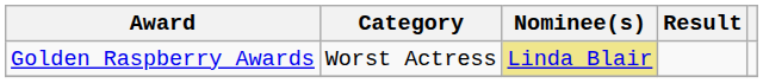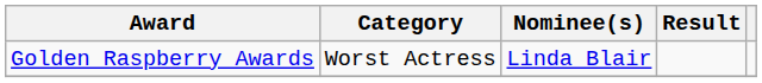 <table class="wikitable plainrowheaders">
 <tr>
 <th>Award</th>
 <th>Category</th>
 <th>Nominee(s)</th>
 <th>Result</th>
 <th></th>
 </tr>
 <tr>
 <td><a href='#'>Golden Raspberry Awards</a></td>
 <td>Worst Actress</td>
-<td style="background: khaki;"><a href='#'>Linda Blair</a></td>
+<td><a href='#'>Linda Blair</a></td>
 <td></td>
 <td style="text-align:center;"></td>
 </tr>
 <tr>
 </tr>
 </table>
